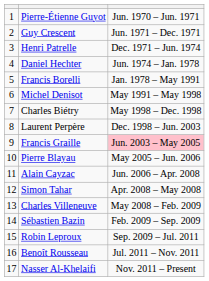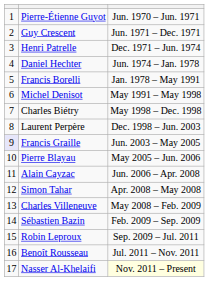 <table class="wikitable plainrowheaders sortable" style="text-align:center">
 <tr>
 <th></th>
 <th></th>
 <th></th>
 </tr>
 <tr>
 <td>1</td>
 <td align="left"> <a href='#'>Pierre-Étienne Guyot</a></td>
 <td>Jun. 1970 – Jun. 1971</td>
 </tr>
 <tr>
 <td>2</td>
 <td align="left"> <a href='#'>Guy Crescent</a></td>
 <td>Jun. 1971 – Dec. 1971</td>
 </tr>
 <tr>
 <td>3</td>
 <td align="left"> <a href='#'>Henri Patrelle</a></td>
 <td>Dec. 1971 – Jun. 1974</td>
 </tr>
 <tr>
 <td>4</td>
 <td align="left"> <a href='#'>Daniel Hechter</a></td>
 <td>Jun. 1974 – Jan. 1978</td>
 </tr>
 <tr>
 <td>5</td>
 <td align="left"> <a href='#'>Francis Borelli</a></td>
 <td>Jan. 1978 – May 1991</td>
 </tr>
 <tr>
 <td>6</td>
 <td align="left"> <a href='#'>Michel Denisot</a></td>
 <td>May 1991 – May 1998</td>
 </tr>
 <tr>
 <td>7</td>
 <td align="left"> Charles Biétry</td>
 <td>May 1998 – Dec. 1998</td>
 </tr>
 <tr>
 <td>8</td>
 <td align="left"> Laurent Perpère</td>
 <td>Dec. 1998 – Jun. 2003</td>
 </tr>
 <tr>
-<td>9</td>
+<td style="background: lavender;">9</td>
 <td align="left"> <a href='#'>Francis Graille</a></td>
-<td style="background: pink;">Jun. 2003 – May 2005</td>
+<td>Jun. 2003 – May 2005</td>
 </tr>
 <tr>
 <td>10</td>
 <td align="left"> <a href='#'>Pierre Blayau</a></td>
 <td>May 2005 – Jun. 2006</td>
 </tr>
 <tr>
 <td>11</td>
 <td align="left"> <a href='#'>Alain Cayzac</a></td>
 <td>Jun. 2006 – Apr. 2008</td>
 </tr>
 <tr>
 <td>12</td>
 <td align="left"> <a href='#'>Simon Tahar</a></td>
 <td>Apr. 2008 – May 2008</td>
 </tr>
 <tr>
 <td>13</td>
 <td align="left"> <a href='#'>Charles Villeneuve</a></td>
 <td>May 2008 – Feb. 2009</td>
 </tr>
 <tr>
 <td>14</td>
 <td align="left"> <a href='#'>Sébastien Bazin</a></td>
 <td>Feb. 2009 – Sep. 2009</td>
 </tr>
 <tr>
 <td>15</td>
 <td align="left"> <a href='#'>Robin Leproux</a></td>
 <td>Sep. 2009 – Jul. 2011</td>
 </tr>
 <tr>
 <td>16</td>
 <td align="left"> <a href='#'>Benoît Rousseau</a></td>
 <td>Jul. 2011 – Nov. 2011</td>
 </tr>
 <tr>
 <td>17</td>
 <td align="left"> <a href='#'>Nasser Al-Khelaifi</a></td>
-<td>Nov. 2011 – Present</td>
+<td style="background: lightyellow;">Nov. 2011 – Present</td>
 </tr>
 </table>
